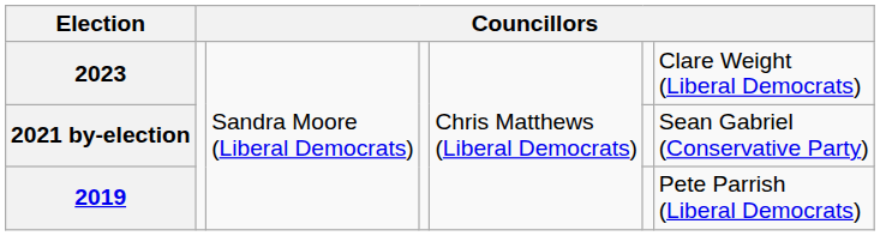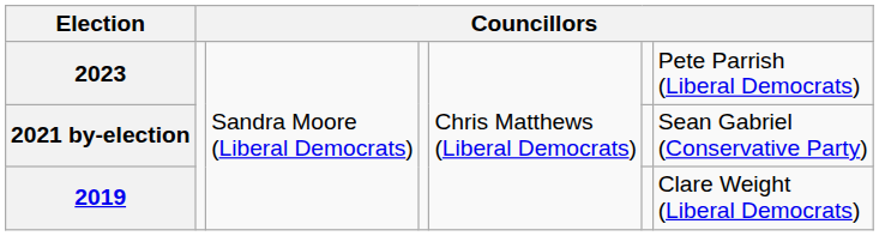 <table class="wikitable">
 <tr>
 <th>Election</th>
 <th colspan="6">Councillors</th>
 </tr>
 <tr>
 <th>2023</th>
 <td rowspan="3" style="background-color: "></td>
 <td rowspan="3">Sandra Moore<br>(<a href='#'>Liberal Democrats</a>)</td>
 <td rowspan="3" style="background-color: "></td>
 <td rowspan="3">Chris Matthews<br>(<a href='#'>Liberal Democrats</a>)</td>
 <td rowspan="1;" style="background-color: "></td>
-<td rowspan="1">Clare Weight<br>(<a href='#'>Liberal Democrats</a>)</td>
+<td rowspan="1">Pete Parrish<br>(<a href='#'>Liberal Democrats</a>)</td>
 </tr>
 <tr>
 <th>2021 by-election</th>
 <td rowspan="1" style="background-color: "></td>
 <td rowspan="1">Sean Gabriel<br>(<a href='#'>Conservative Party</a>)</td>
 </tr>
 <tr>
 <th><a href='#'>2019</a></th>
 <td rowspan="1;" style="background-color: "></td>
-<td rowspan="1">Pete Parrish<br>(<a href='#'>Liberal Democrats</a>)</td>
+<td rowspan="1">Clare Weight<br>(<a href='#'>Liberal Democrats</a>)</td>
 </tr>
 </table>
